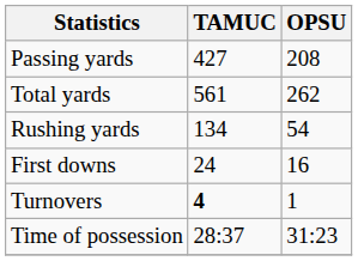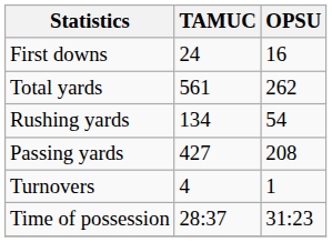 <table class="wikitable">
 <tr>
 <th>Statistics</th>
 <th>TAMUC</th>
 <th>OPSU</th>
 </tr>
 <tr>
-<td>Passing yards</td>
-<td>427</td>
-<td>208</td>
+<td>First downs</td>
+<td>24</td>
+<td>16</td>
 </tr>
 <tr>
 <td>Total yards</td>
 <td>561</td>
 <td>262</td>
 </tr>
 <tr>
 <td>Rushing yards</td>
 <td>134</td>
 <td>54</td>
 </tr>
 <tr>
-<td>First downs</td>
-<td>24</td>
-<td>16</td>
+<td>Passing yards</td>
+<td>427</td>
+<td>208</td>
 </tr>
 <tr>
 <td>Turnovers</td>
-<td><strong>4</strong></td>
+<td>4</td>
 <td>1</td>
 </tr>
 <tr>
 <td>Time of possession</td>
 <td>28:37</td>
 <td>31:23</td>
 </tr>
 <tr>
 </tr>
 </table>
